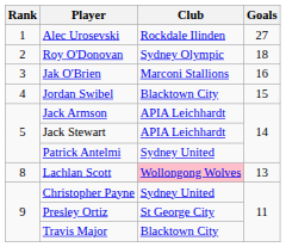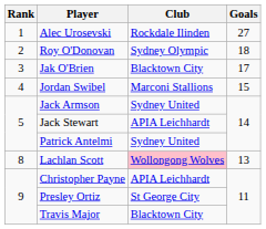 <table class="wikitable sortable" style="text-align:center;">
 <tr>
 <th>Rank</th>
 <th>Player</th>
 <th>Club</th>
 <th>Goals</th>
 </tr>
 <tr>
 <td rowspan=1>1</td>
 <td align=left> <a href='#'>Alec Urosevski</a></td>
 <td align=left><a href='#'>Rockdale Ilinden</a></td>
 <td rowspan=1>27</td>
 </tr>
 <tr>
 <td rowspan=1>2</td>
 <td align=left> <a href='#'>Roy O'Donovan</a></td>
 <td align=left><a href='#'>Sydney Olympic</a></td>
 <td rowspan=1>18</td>
 </tr>
 <tr>
 <td rowspan=1>3</td>
 <td align=left> <a href='#'>Jak O'Brien</a></td>
-<td align=left><a href='#'>Marconi Stallions</a></td>
-<td rowspan=1>16</td>
+<td align=left><a href='#'>Blacktown City</a></td>
+<td rowspan=1>17</td>
 </tr>
 <tr>
 <td rowspan=1>4</td>
 <td align=left> <a href='#'>Jordan Swibel</a></td>
-<td align=left><a href='#'>Blacktown City</a></td>
+<td align=left><a href='#'>Marconi Stallions</a></td>
 <td rowspan=1>15</td>
 </tr>
 <tr>
 <td rowspan=3>5</td>
 <td align=left> <a href='#'>Jack Armson</a></td>
-<td align=left><a href='#'>APIA Leichhardt</a></td>
+<td align=left><a href='#'>Sydney United</a></td>
 <td rowspan=3>14</td>
 </tr>
 <tr>
 <td align=left> Jack Stewart</td>
 <td align=left><a href='#'>APIA Leichhardt</a></td>
 </tr>
 <tr>
 <td align=left> <a href='#'>Patrick Antelmi</a></td>
 <td align=left><a href='#'>Sydney United</a></td>
 </tr>
 <tr>
 <td rowspan=1>8</td>
 <td align=left> <a href='#'>Lachlan Scott</a></td>
 <td align=left style="background: pink;"><a href='#'>Wollongong Wolves</a></td>
 <td rowspan=1>13</td>
 </tr>
 <tr>
 <td rowspan=3>9</td>
 <td align=left> <a href='#'>Christopher Payne</a></td>
-<td align=left><a href='#'>Sydney United</a></td>
+<td align=left><a href='#'>APIA Leichhardt</a></td>
 <td rowspan=3>11</td>
 </tr>
 <tr>
 <td align=left> <a href='#'>Presley Ortiz</a></td>
 <td align=left><a href='#'>St George City</a></td>
 </tr>
 <tr>
 <td align=left> <a href='#'>Travis Major</a></td>
 <td align=left><a href='#'>Blacktown City</a></td>
 </tr>
 </table>
